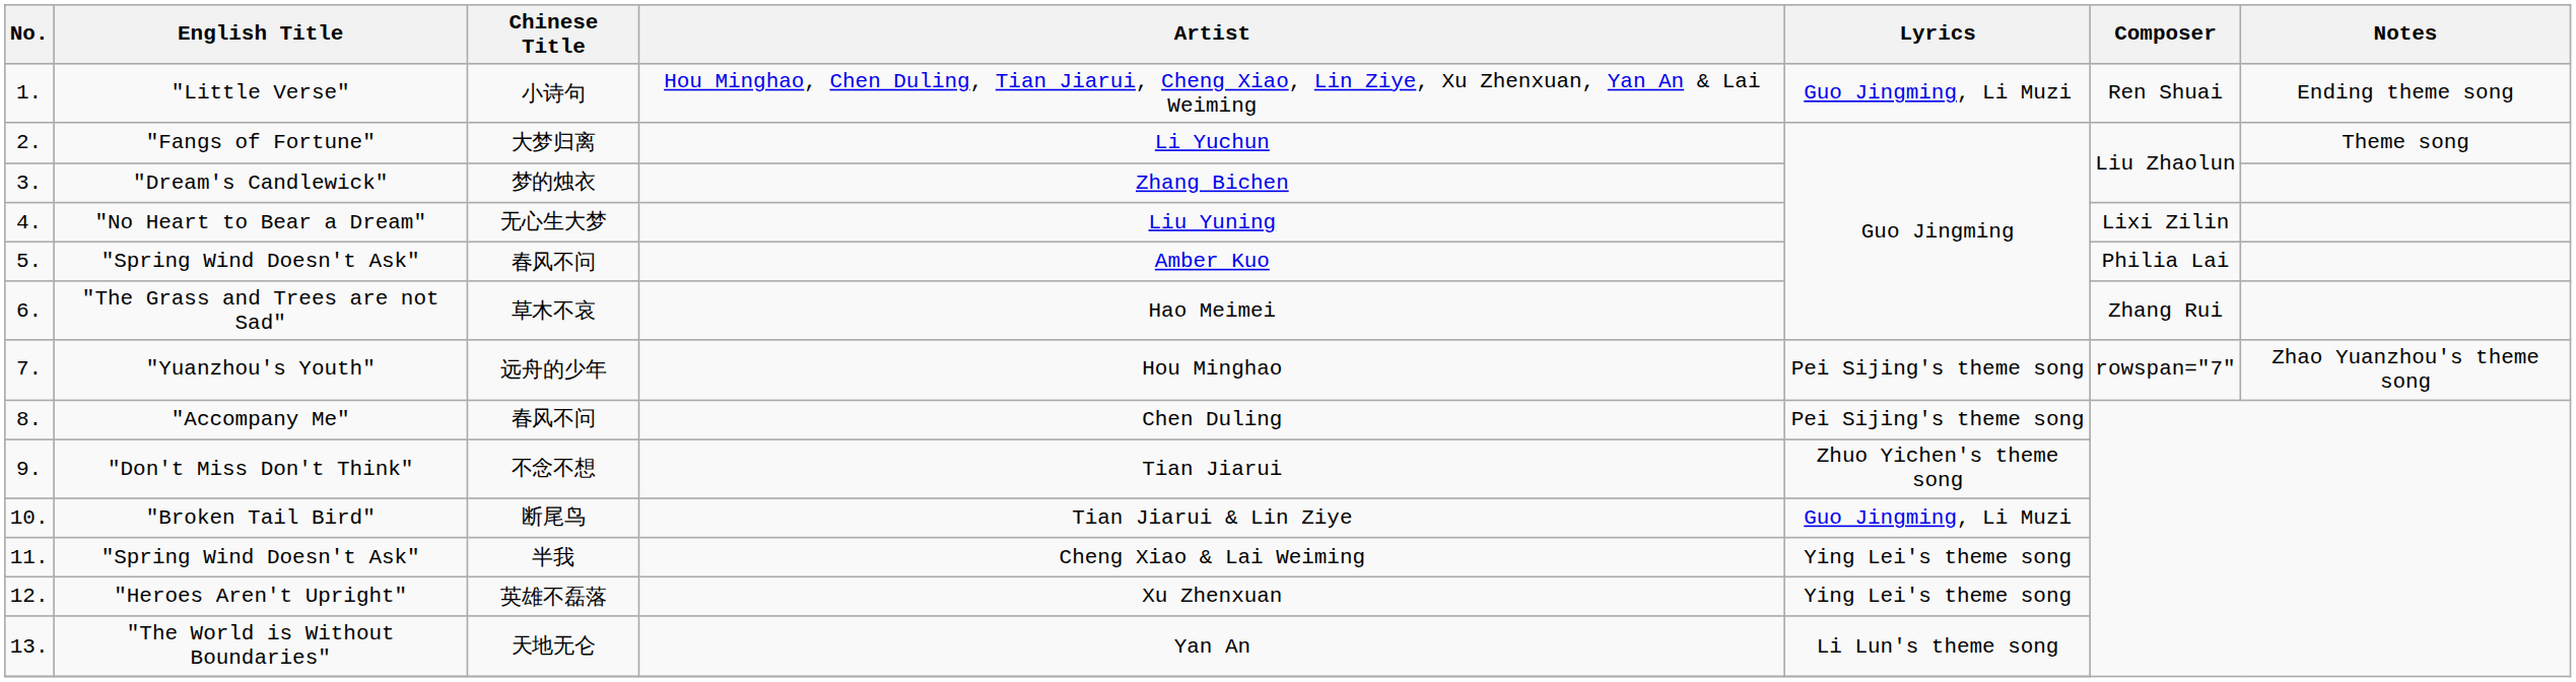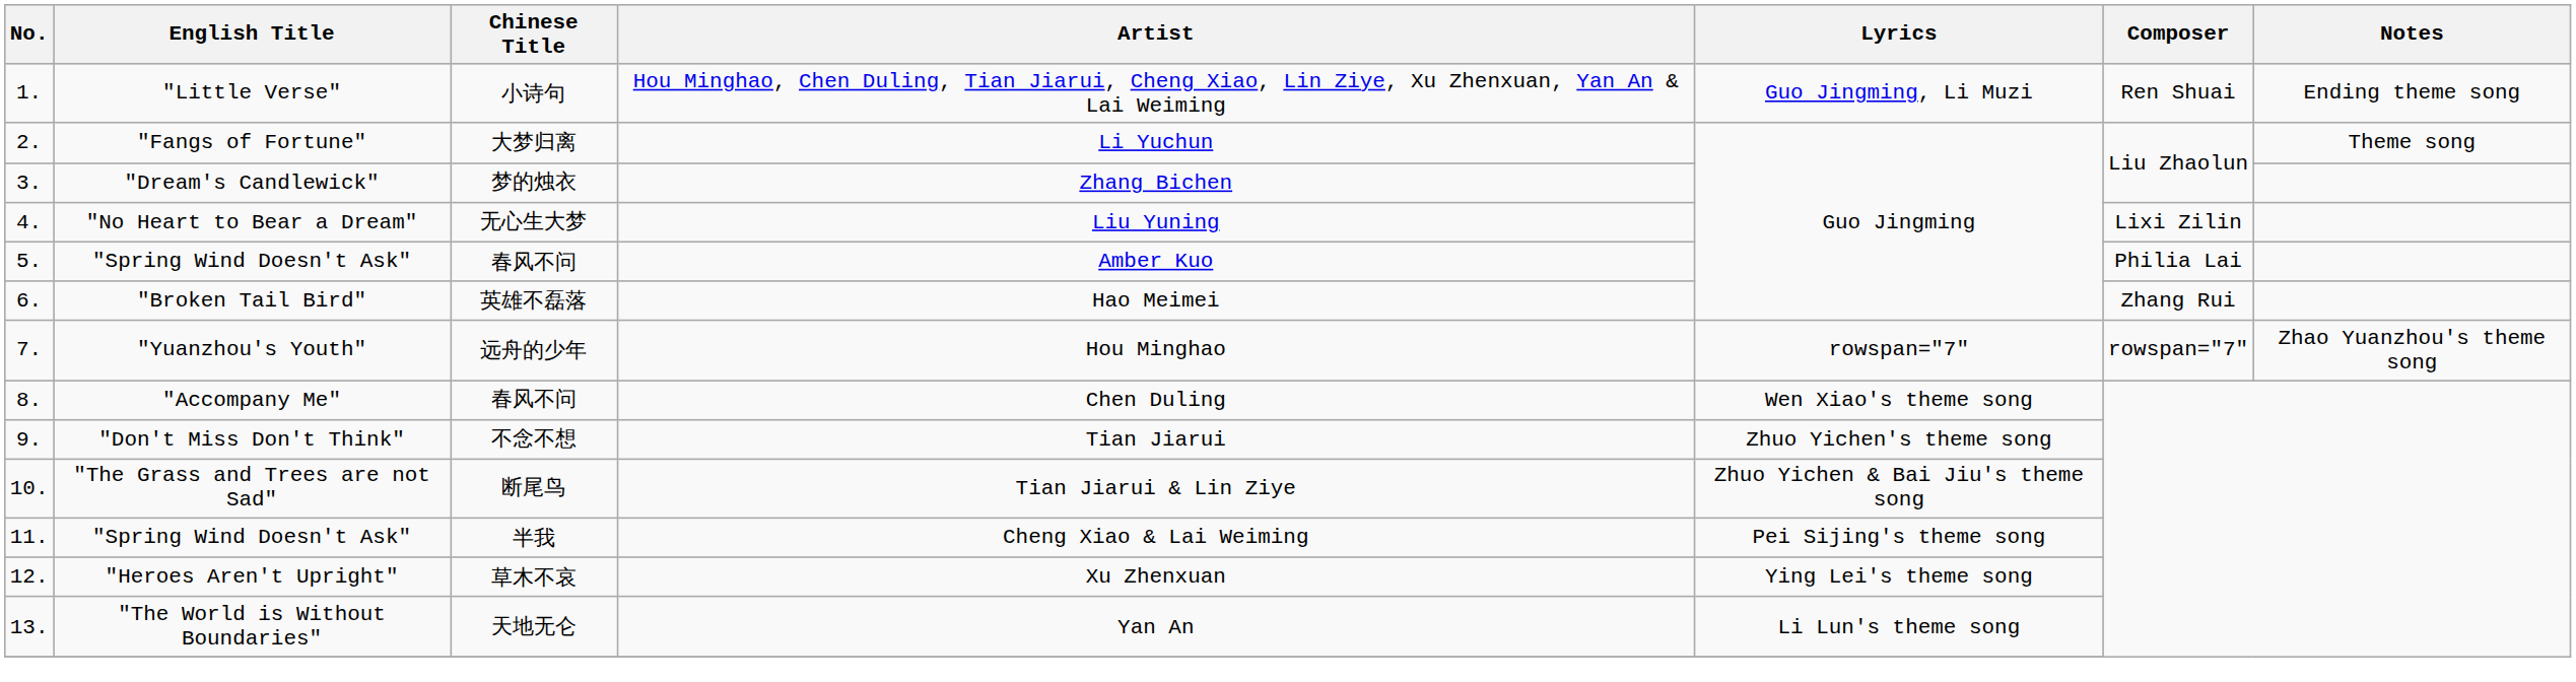 <table class="wikitable" style="text-align:center">
 <tr>
 <th>No.</th>
 <th>English Title</th>
 <th>Chinese Title</th>
 <th>Artist</th>
 <th>Lyrics</th>
 <th>Composer</th>
 <th>Notes</th>
 </tr>
 <tr>
 <td>1.</td>
 <td>"Little Verse"</td>
 <td>小诗句</td>
 <td><a href='#'>Hou Minghao</a>, <a href='#'>Chen Duling</a>, <a href='#'>Tian Jiarui</a>, <a href='#'>Cheng Xiao</a>, <a href='#'>Lin Ziye</a>, Xu Zhenxuan, <a href='#'>Yan An</a> & Lai Weiming</td>
 <td><a href='#'>Guo Jingming</a>, Li Muzi</td>
 <td>Ren Shuai</td>
 <td>Ending theme song</td>
 </tr>
 <tr>
 <td>2.</td>
 <td>"Fangs of Fortune"</td>
 <td>大梦归离</td>
 <td><a href='#'>Li Yuchun</a></td>
 <td rowspan="5">Guo Jingming</td>
 <td rowspan="2">Liu Zhaolun</td>
 <td>Theme song</td>
 </tr>
 <tr>
 <td>3.</td>
 <td>"Dream's Candlewick"</td>
 <td>梦的烛衣</td>
 <td><a href='#'>Zhang Bichen</a></td>
 <td></td>
 </tr>
 <tr>
 <td>4.</td>
 <td>"No Heart to Bear a Dream"</td>
 <td>无心生大梦</td>
 <td><a href='#'>Liu Yuning</a></td>
 <td>Lixi Zilin</td>
 <td></td>
 </tr>
 <tr>
 <td>5.</td>
 <td>"Spring Wind Doesn't Ask"</td>
 <td>春风不问</td>
 <td><a href='#'>Amber Kuo</a></td>
 <td>Philia Lai</td>
 <td></td>
 </tr>
 <tr>
 <td>6.</td>
-<td>"The Grass and Trees are not Sad"</td>
-<td>草木不哀</td>
+<td>"Broken Tail Bird"</td>
+<td>英雄不磊落</td>
 <td>Hao Meimei</td>
 <td>Zhang Rui</td>
 <td></td>
 </tr>
 <tr>
 <td>7.</td>
 <td>"Yuanzhou's Youth"</td>
 <td>远舟的少年</td>
 <td>Hou Minghao</td>
-<td>Pei Sijing's theme song</td>
+<td>rowspan="7" </td>
 <td>rowspan="7" </td>
 <td>Zhao Yuanzhou's theme song</td>
 </tr>
 <tr>
 <td>8.</td>
 <td>"Accompany Me"</td>
 <td>春风不问</td>
 <td>Chen Duling</td>
-<td>Pei Sijing's theme song</td>
+<td>Wen Xiao's theme song</td>
 </tr>
 <tr>
 <td>9.</td>
 <td>"Don't Miss Don't Think"</td>
 <td>不念不想</td>
 <td>Tian Jiarui</td>
 <td>Zhuo Yichen's theme song</td>
 </tr>
 <tr>
 <td>10.</td>
-<td>"Broken Tail Bird"</td>
+<td>"The Grass and Trees are not Sad"</td>
 <td>断尾鸟</td>
 <td>Tian Jiarui & Lin Ziye</td>
-<td><a href='#'>Guo Jingming</a>, Li Muzi</td>
+<td>Zhuo Yichen & Bai Jiu's theme song</td>
 </tr>
 <tr>
 <td>11.</td>
 <td>"Spring Wind Doesn't Ask"</td>
 <td>半我</td>
 <td>Cheng Xiao & Lai Weiming</td>
-<td>Ying Lei's theme song</td>
+<td>Pei Sijing's theme song</td>
 </tr>
 <tr>
 <td>12.</td>
 <td>"Heroes Aren't Upright"</td>
-<td>英雄不磊落</td>
+<td>草木不哀</td>
 <td>Xu Zhenxuan</td>
 <td>Ying Lei's theme song</td>
 </tr>
 <tr>
 <td>13.</td>
 <td>"The World is Without Boundaries"</td>
 <td>天地无仑</td>
 <td>Yan An</td>
 <td>Li Lun's theme song</td>
 </tr>
 <tr>
 </tr>
 </table>
